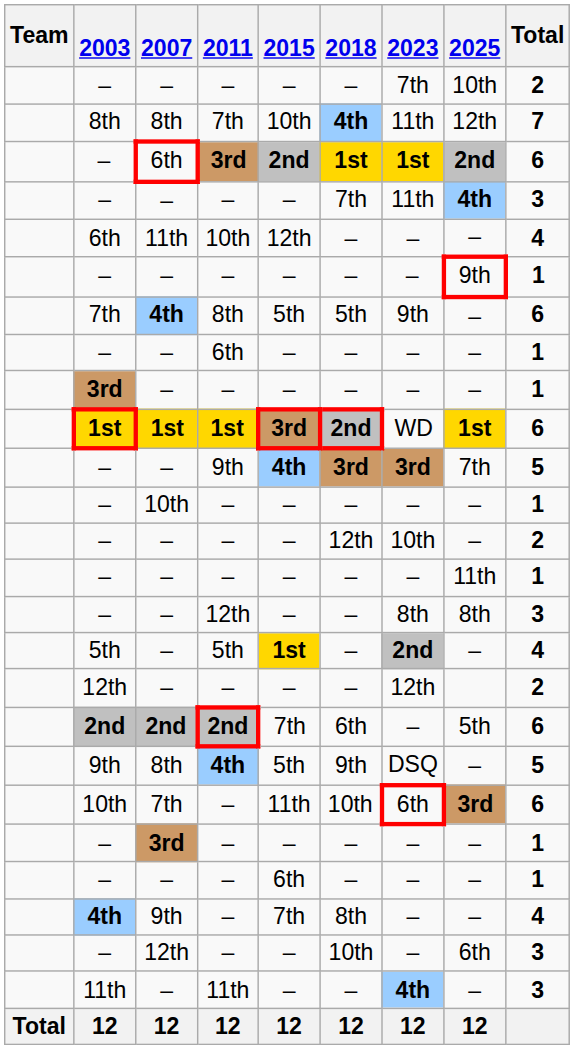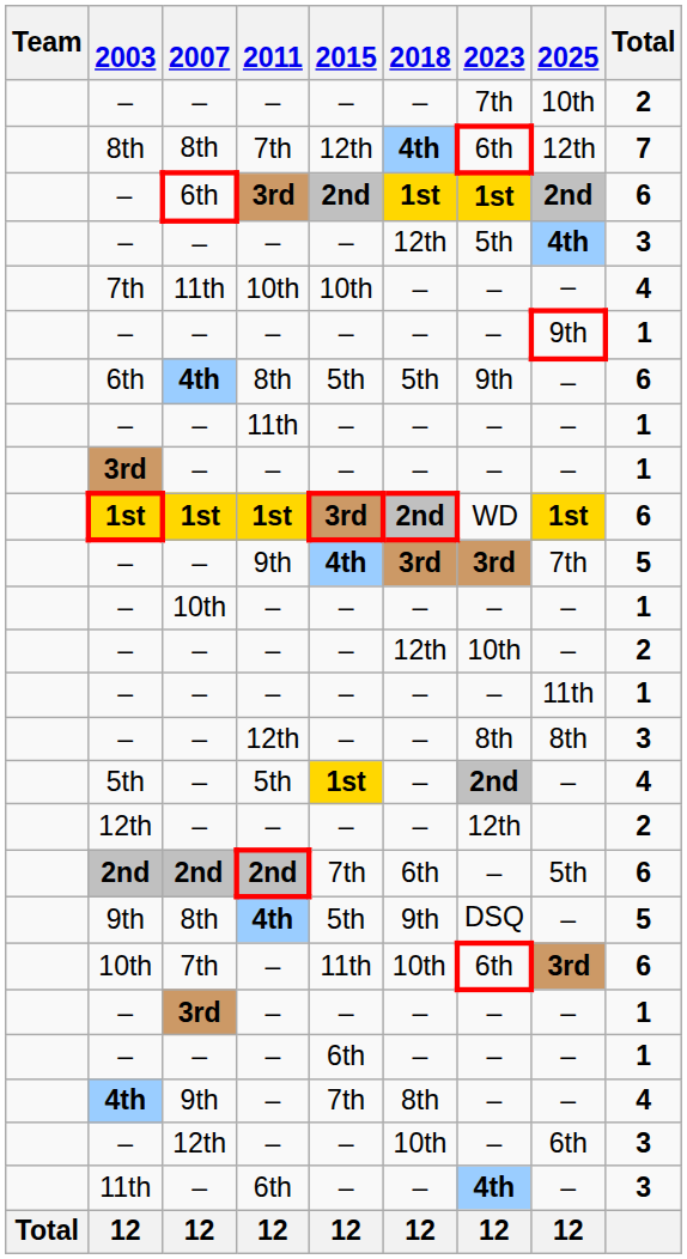 <table class="wikitable" style="text-align: center">
 <tr>
 <th>Team</th>
 <th><br><a href='#'>2003</a></th>
 <th><br><a href='#'>2007</a></th>
 <th><br><a href='#'>2011</a></th>
 <th><br><a href='#'>2015</a></th>
 <th><br><a href='#'>2018</a></th>
 <th><br><a href='#'>2023</a></th>
 <th><br><a href='#'>2025</a></th>
 <th>Total</th>
 </tr>
 <tr>
 <td align=left></td>
 <td>–</td>
 <td>–</td>
 <td>–</td>
 <td>–</td>
 <td>–</td>
 <td>7th</td>
 <td>10th</td>
 <td><strong>2</strong></td>
 </tr>
 <tr>
 <td align=left></td>
 <td>8th</td>
 <td>8th</td>
 <td>7th</td>
-<td>10th</td>
+<td>12th</td>
 <td bgcolor= 9acdff><strong>4th</strong></td>
-<td>11th</td>
+<td style="border:3px solid red">6th</td>
 <td>12th</td>
 <td><strong>7</strong></td>
 </tr>
 <tr>
 <td align=left></td>
 <td>–</td>
 <td style="border:3px solid red">6th</td>
 <td bgcolor=cc9966><strong>3rd</strong></td>
 <td bgcolor=silver><strong>2nd</strong></td>
 <td bgcolor=gold><strong>1st</strong></td>
 <td bgcolor=gold><strong>1st</strong></td>
 <td bgcolor=silver><strong>2nd</strong></td>
 <td><strong>6</strong></td>
 </tr>
 <tr>
 <td align=left></td>
 <td>–</td>
 <td>–</td>
 <td>–</td>
 <td>–</td>
-<td>7th</td>
-<td>11th</td>
+<td>12th</td>
+<td>5th</td>
 <td bgcolor= 9acdff><strong>4th</strong></td>
 <td><strong>3</strong></td>
 </tr>
 <tr>
 <td align=left></td>
-<td>6th</td>
+<td>7th</td>
 <td>11th</td>
 <td>10th</td>
-<td>12th</td>
+<td>10th</td>
 <td>–</td>
 <td>–</td>
 <td>–</td>
 <td><strong>4</strong></td>
 </tr>
 <tr>
 <td align=left></td>
 <td>–</td>
 <td>–</td>
 <td>–</td>
 <td>–</td>
 <td>–</td>
 <td>–</td>
 <td style="border:3px solid red">9th</td>
 <td><strong>1</strong></td>
 </tr>
 <tr>
 <td align=left></td>
-<td>7th</td>
+<td>6th</td>
 <td bgcolor= 9acdff><strong>4th</strong></td>
 <td>8th</td>
 <td>5th</td>
 <td>5th</td>
 <td>9th</td>
 <td>–</td>
 <td><strong>6</strong></td>
 </tr>
 <tr>
 <td align=left></td>
 <td>–</td>
 <td>–</td>
-<td>6th</td>
+<td>11th</td>
 <td>–</td>
 <td>–</td>
 <td>–</td>
 <td>–</td>
 <td><strong>1</strong></td>
 </tr>
 <tr>
 <td align=left></td>
 <td bgcolor=cc9966><strong>3rd</strong></td>
 <td>–</td>
 <td>–</td>
 <td>–</td>
 <td>–</td>
 <td>–</td>
 <td>–</td>
 <td><strong>1</strong></td>
 </tr>
 <tr>
 <td align=left></td>
 <td bgcolor=gold style="border:3px solid red"><strong>1st</strong></td>
 <td bgcolor=gold><strong>1st</strong></td>
 <td bgcolor=gold><strong>1st</strong></td>
 <td style="border:3px solid red" bgcolor=cc9966><strong>3rd</strong></td>
 <td style="border:3px solid red" bgcolor=silver><strong>2nd</strong></td>
 <td>WD</td>
 <td bgcolor=gold><strong>1st</strong></td>
 <td><strong>6</strong></td>
 </tr>
 <tr>
 <td align=left></td>
 <td>–</td>
 <td>–</td>
 <td>9th</td>
 <td bgcolor= 9acdff><strong>4th</strong></td>
 <td bgcolor=cc9966><strong>3rd</strong></td>
 <td bgcolor=cc9966><strong>3rd</strong></td>
 <td>7th</td>
 <td><strong>5</strong></td>
 </tr>
 <tr>
 <td align=left></td>
 <td>–</td>
 <td>10th</td>
 <td>–</td>
 <td>–</td>
 <td>–</td>
 <td>–</td>
 <td>–</td>
 <td><strong>1</strong></td>
 </tr>
 <tr>
 <td align=left></td>
 <td>–</td>
 <td>–</td>
 <td>–</td>
 <td>–</td>
 <td>12th</td>
 <td>10th</td>
 <td>–</td>
 <td><strong>2</strong></td>
 </tr>
 <tr>
 <td align=left></td>
 <td>–</td>
 <td>–</td>
 <td>–</td>
 <td>–</td>
 <td>–</td>
 <td>–</td>
 <td>11th</td>
 <td><strong>1</strong></td>
 </tr>
 <tr>
 <td align=left></td>
 <td>–</td>
 <td>–</td>
 <td>12th</td>
 <td>–</td>
 <td>–</td>
 <td>8th</td>
 <td>8th</td>
 <td><strong>3</strong></td>
 </tr>
 <tr>
 <td align=left></td>
 <td>5th</td>
 <td>–</td>
 <td>5th</td>
 <td bgcolor=gold><strong>1st</strong></td>
 <td>–</td>
 <td bgcolor=silver><strong>2nd</strong></td>
 <td>–</td>
 <td><strong>4</strong></td>
 </tr>
 <tr>
 <td align=left></td>
 <td>12th</td>
 <td>–</td>
 <td>–</td>
 <td>–</td>
 <td>–</td>
 <td>12th</td>
 <td></td>
 <td><strong>2</strong></td>
 </tr>
 <tr>
 <td align=left></td>
 <td bgcolor=silver><strong>2nd</strong></td>
 <td bgcolor=silver><strong>2nd</strong></td>
 <td bgcolor=silver style="border:3px solid red"><strong>2nd</strong></td>
 <td>7th</td>
 <td>6th</td>
 <td>–</td>
 <td>5th</td>
 <td><strong>6</strong></td>
 </tr>
 <tr>
 <td align=left></td>
 <td>9th</td>
 <td>8th</td>
 <td bgcolor= 9acdff><strong>4th</strong></td>
 <td>5th</td>
 <td>9th</td>
 <td>DSQ</td>
 <td>–</td>
 <td><strong>5</strong></td>
 </tr>
 <tr>
 <td align=left></td>
 <td>10th</td>
 <td>7th</td>
 <td>–</td>
 <td>11th</td>
 <td>10th</td>
 <td style="border:3px solid red">6th</td>
 <td bgcolor=cc9966><strong>3rd</strong></td>
 <td><strong>6</strong></td>
 </tr>
 <tr>
 <td align=left></td>
 <td>–</td>
 <td bgcolor=cc9966><strong>3rd</strong></td>
 <td>–</td>
 <td>–</td>
 <td>–</td>
 <td>–</td>
 <td>–</td>
 <td><strong>1</strong></td>
 </tr>
 <tr>
 <td align=left></td>
 <td>–</td>
 <td>–</td>
 <td>–</td>
 <td>6th</td>
 <td>–</td>
 <td>–</td>
 <td>–</td>
 <td><strong>1</strong></td>
 </tr>
 <tr>
 <td align=left></td>
 <td bgcolor= 9acdff><strong>4th</strong></td>
 <td>9th</td>
 <td>–</td>
 <td>7th</td>
 <td>8th</td>
 <td>–</td>
 <td>–</td>
 <td><strong>4</strong></td>
 </tr>
 <tr>
 <td align=left></td>
 <td>–</td>
 <td>12th</td>
 <td>–</td>
 <td>–</td>
 <td>10th</td>
 <td>–</td>
 <td>6th</td>
 <td><strong>3</strong></td>
 </tr>
 <tr>
 <td align=left></td>
 <td>11th</td>
 <td>–</td>
-<td>11th</td>
+<td>6th</td>
 <td>–</td>
 <td>–</td>
 <td bgcolor= 9acdff><strong>4th</strong></td>
 <td>–</td>
 <td><strong>3</strong></td>
 </tr>
 <tr>
 <th>Total</th>
 <th>12</th>
 <th>12</th>
 <th>12</th>
 <th>12</th>
 <th>12</th>
 <th>12</th>
 <th>12</th>
 <th></th>
 </tr>
 </table>
